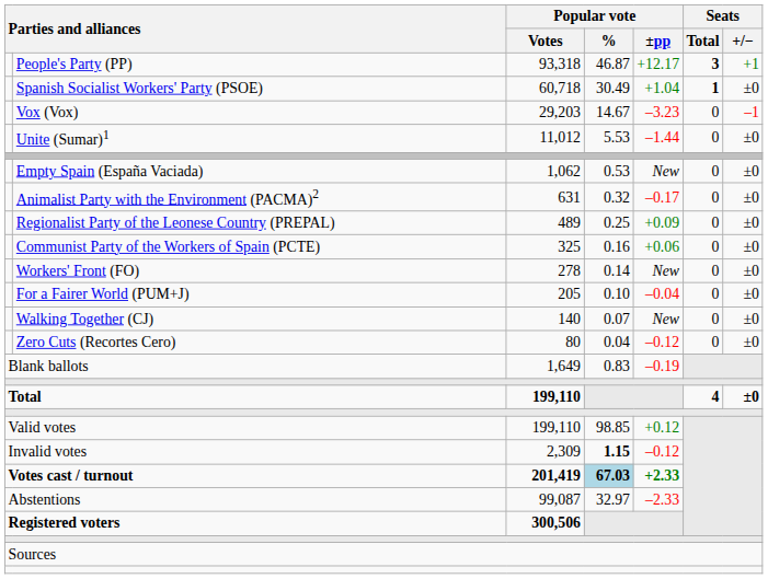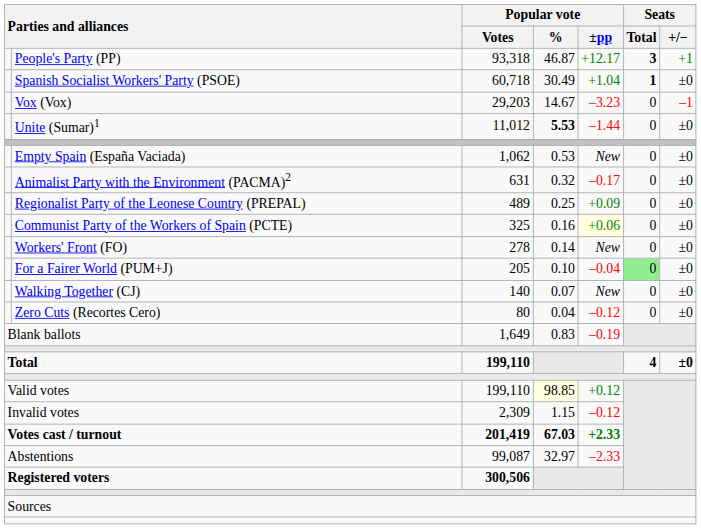 <table class="wikitable" style="text-align:right;">
 <tr>
 <th style="text-align:left;" rowspan="2" colspan="2" width="525">Parties and alliances</th>
 <th colspan="3">Popular vote</th>
 <th colspan="2">Seats</th>
 </tr>
 <tr>
 <th width="75">Votes</th>
 <th width="45">%</th>
 <th width="45">±<a href='#'>pp</a></th>
 <th width="35">Total</th>
 <th width="35">+/−</th>
 </tr>
 <tr>
 <td width="1" style="color:inherit;background:"></td>
 <td align="left"><a href='#'>People's Party</a> (PP)</td>
 <td>93,318</td>
 <td>46.87</td>
 <td style="color:green;">+12.17</td>
 <td><strong>3</strong></td>
 <td style="color:green;">+1</td>
 </tr>
 <tr>
 <td style="color:inherit;background:"></td>
 <td align="left"><a href='#'>Spanish Socialist Workers' Party</a> (PSOE)</td>
 <td>60,718</td>
 <td>30.49</td>
 <td style="color:green;">+1.04</td>
 <td><strong>1</strong></td>
 <td>±0</td>
 </tr>
 <tr>
 <td style="color:inherit;background:"></td>
 <td align="left"><a href='#'>Vox</a> (Vox)</td>
 <td>29,203</td>
 <td>14.67</td>
 <td style="color:red;">–3.23</td>
 <td>0</td>
 <td style="color:red;">–1</td>
 </tr>
 <tr>
 <td style="color:inherit;background:"></td>
 <td align="left"><a href='#'>Unite</a> (Sumar)<sup>1</sup></td>
 <td>11,012</td>
-<td>5.53</td>
+<td><strong>5.53</strong></td>
 <td style="color:red;">–1.44</td>
 <td>0</td>
 <td>±0</td>
 </tr>
 <tr>
 <td colspan="7" bgcolor="#C0C0C0"></td>
 </tr>
 <tr>
 <td style="color:inherit;background:"></td>
 <td align="left"><a href='#'>Empty Spain</a> (España Vaciada)</td>
 <td>1,062</td>
 <td>0.53</td>
 <td><em>New</em></td>
 <td>0</td>
 <td>±0</td>
 </tr>
 <tr>
 <td style="color:inherit;background:"></td>
 <td align="left"><a href='#'>Animalist Party with the Environment</a> (PACMA)<sup>2</sup></td>
 <td>631</td>
 <td>0.32</td>
 <td style="color:red;">–0.17</td>
 <td>0</td>
 <td>±0</td>
 </tr>
 <tr>
 <td style="color:inherit;background:"></td>
 <td align="left"><a href='#'>Regionalist Party of the Leonese Country</a> (PREPAL)</td>
 <td>489</td>
 <td>0.25</td>
 <td style="color:green;">+0.09</td>
 <td>0</td>
 <td>±0</td>
 </tr>
 <tr>
 <td style="color:inherit;background:"></td>
 <td align="left"><a href='#'>Communist Party of the Workers of Spain</a> (PCTE)</td>
 <td>325</td>
 <td>0.16</td>
-<td style="color:green;">+0.06</td>
+<td style="background: lightyellow; color:green;">+0.06</td>
 <td>0</td>
 <td>±0</td>
 </tr>
 <tr>
 <td style="color:inherit;background:"></td>
 <td align="left"><a href='#'>Workers' Front</a> (FO)</td>
 <td>278</td>
 <td>0.14</td>
 <td><em>New</em></td>
 <td>0</td>
 <td>±0</td>
 </tr>
 <tr>
 <td style="color:inherit;background:"></td>
 <td align="left"><a href='#'>For a Fairer World</a> (PUM+J)</td>
 <td>205</td>
 <td>0.10</td>
 <td style="color:red;">–0.04</td>
-<td>0</td>
+<td style="background: lightgreen;">0</td>
 <td>±0</td>
 </tr>
 <tr>
 <td style="color:inherit;background:"></td>
 <td align="left"><a href='#'>Walking Together</a> (CJ)</td>
 <td>140</td>
 <td>0.07</td>
 <td><em>New</em></td>
 <td>0</td>
 <td>±0</td>
 </tr>
 <tr>
 <td style="color:inherit;background:"></td>
 <td align="left"><a href='#'>Zero Cuts</a> (Recortes Cero)</td>
 <td>80</td>
 <td>0.04</td>
 <td style="color:red;">–0.12</td>
 <td>0</td>
 <td>±0</td>
 </tr>
 <tr>
 <td align="left" colspan="2">Blank ballots</td>
 <td>1,649</td>
 <td>0.83</td>
 <td style="color:red;">–0.19</td>
 <td bgcolor="#E9E9E9" colspan="2"></td>
 </tr>
 <tr>
 <td colspan="7" bgcolor="#E9E9E9"></td>
 </tr>
 <tr style="font-weight:bold;">
 <td align="left" colspan="2">Total</td>
 <td>199,110</td>
 <td bgcolor="#E9E9E9" colspan="2"></td>
 <td>4</td>
 <td>±0</td>
 </tr>
 <tr>
 <td colspan="7" bgcolor="#E9E9E9"></td>
 </tr>
 <tr>
 <td align="left" colspan="2">Valid votes</td>
 <td>199,110</td>
-<td>98.85</td>
+<td style="background: lightyellow;">98.85</td>
 <td style="color:green;">+0.12</td>
 <td bgcolor="#E9E9E9" colspan="2" rowspan="5"></td>
 </tr>
 <tr>
 <td align="left" colspan="2">Invalid votes</td>
 <td>2,309</td>
-<td><strong>1.15</strong></td>
+<td>1.15</td>
 <td style="color:red;">–0.12</td>
 </tr>
 <tr style="font-weight:bold;">
 <td align="left" colspan="2">Votes cast / turnout</td>
 <td>201,419</td>
-<td style="background: lightblue;">67.03</td>
+<td>67.03</td>
 <td style="color:green;">+2.33</td>
 </tr>
 <tr>
 <td align="left" colspan="2">Abstentions</td>
 <td>99,087</td>
 <td>32.97</td>
 <td style="color:red;">–2.33</td>
 </tr>
 <tr style="font-weight:bold;">
 <td align="left" colspan="2">Registered voters</td>
 <td>300,506</td>
 <td bgcolor="#E9E9E9" colspan="2"></td>
 </tr>
 <tr>
 <td colspan="7" bgcolor="#E9E9E9"></td>
 </tr>
 <tr>
 <td align="left" colspan="7">Sources</td>
 </tr>
 <tr>
 <td colspan="7" style="text-align:left; max-width:790px;"></td>
 </tr>
 </table>
